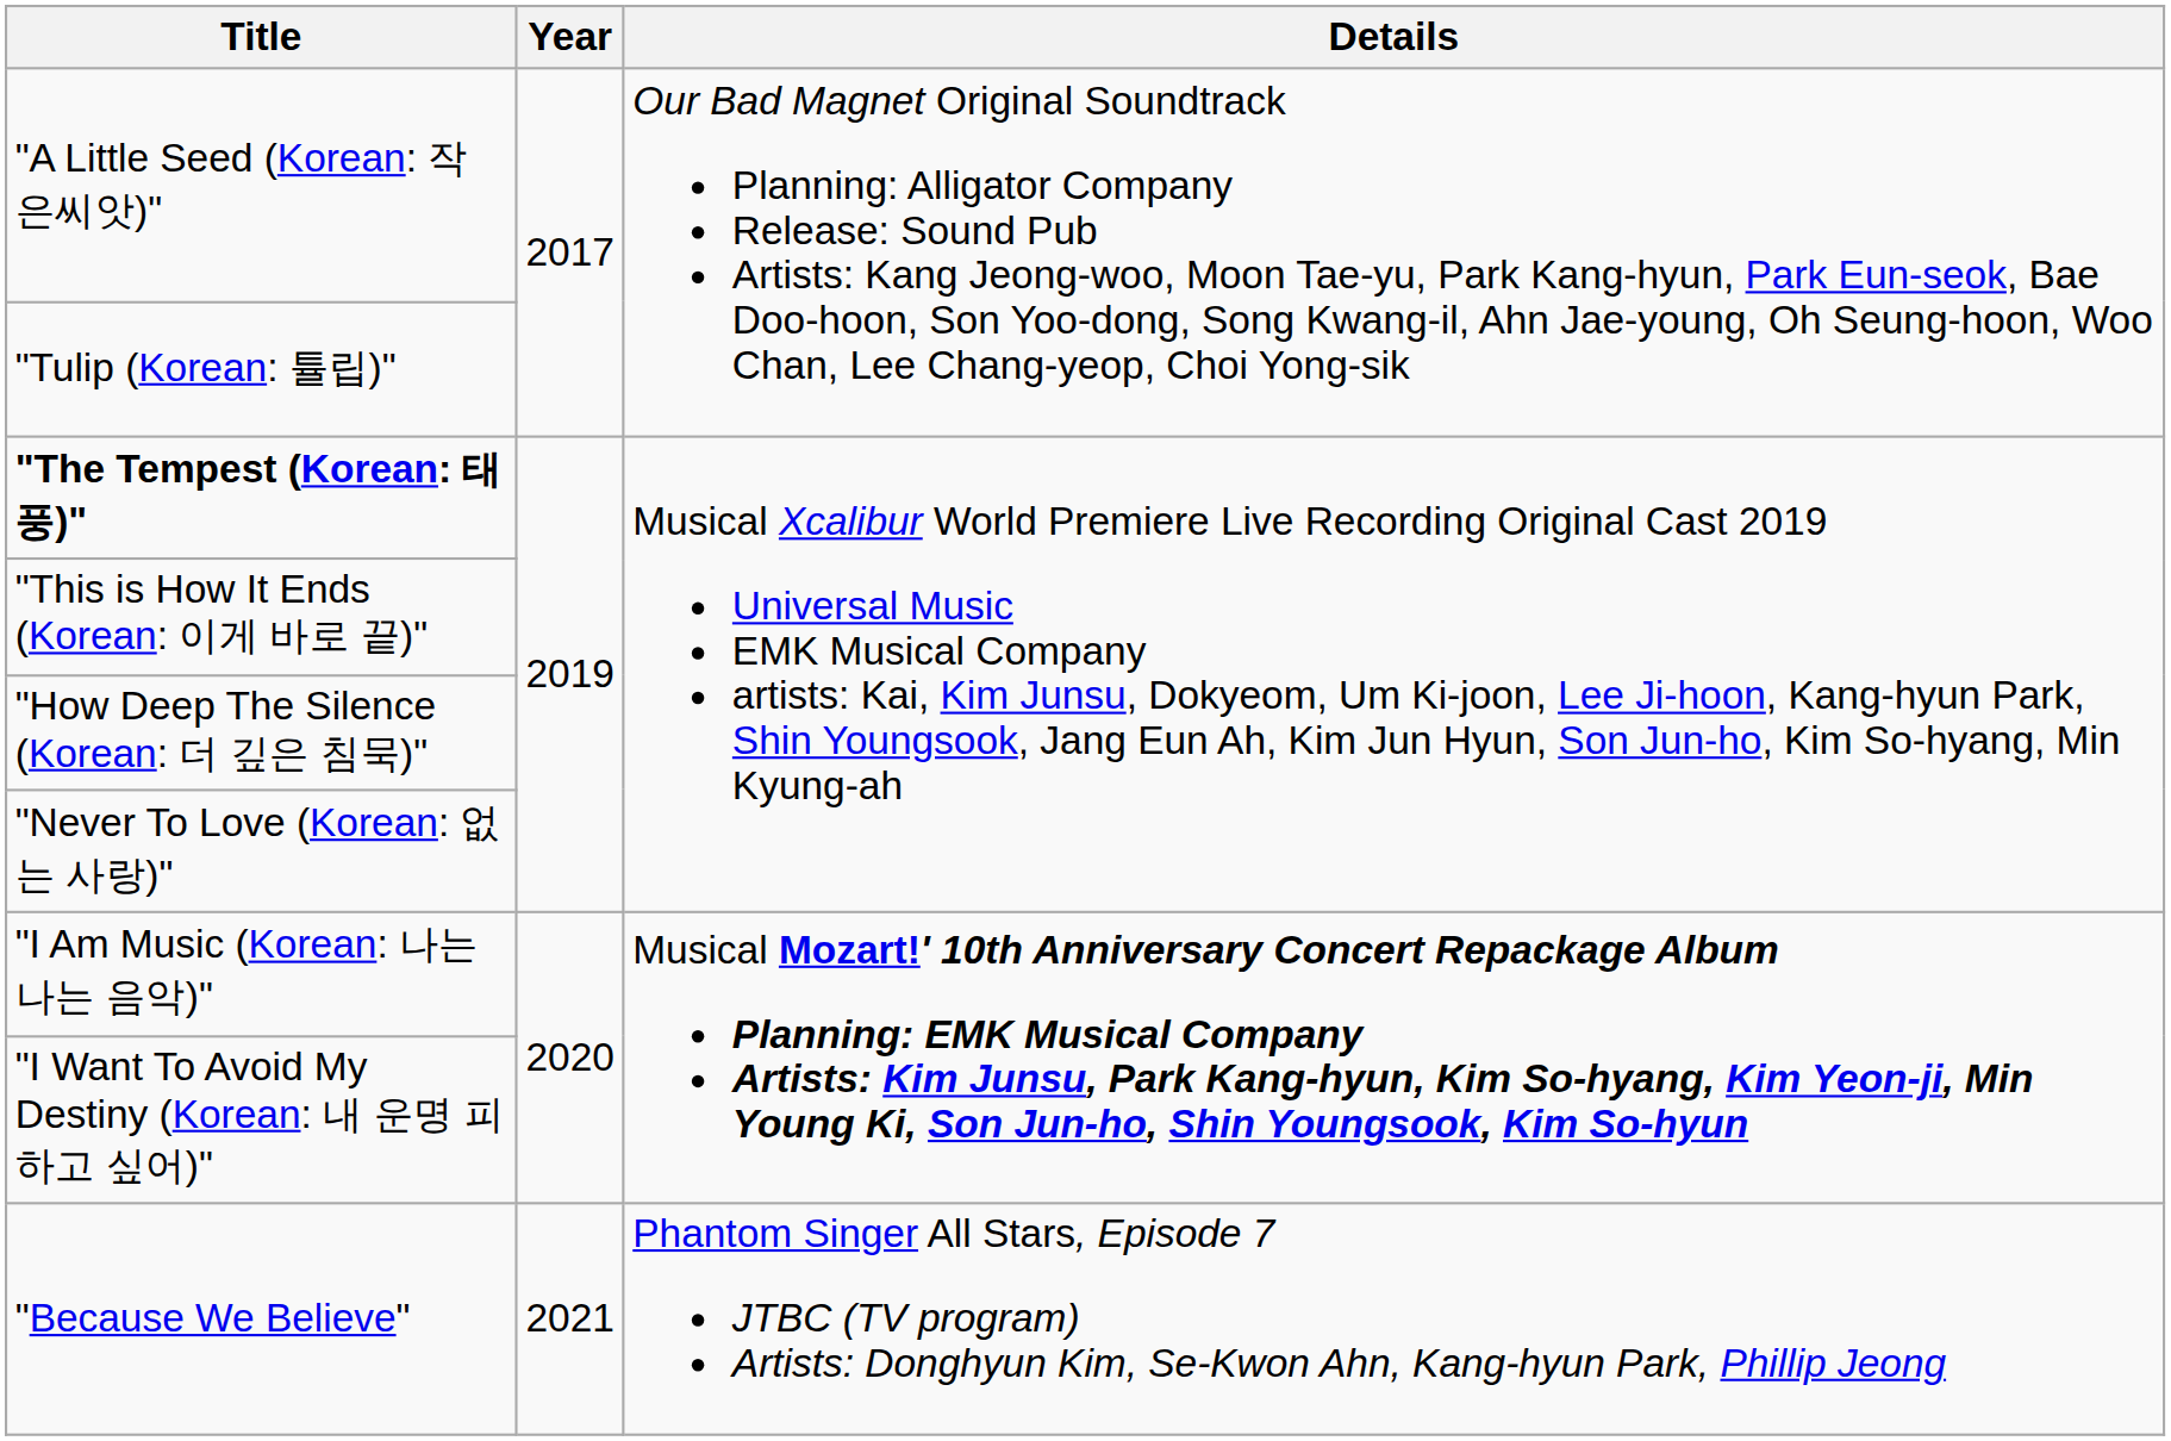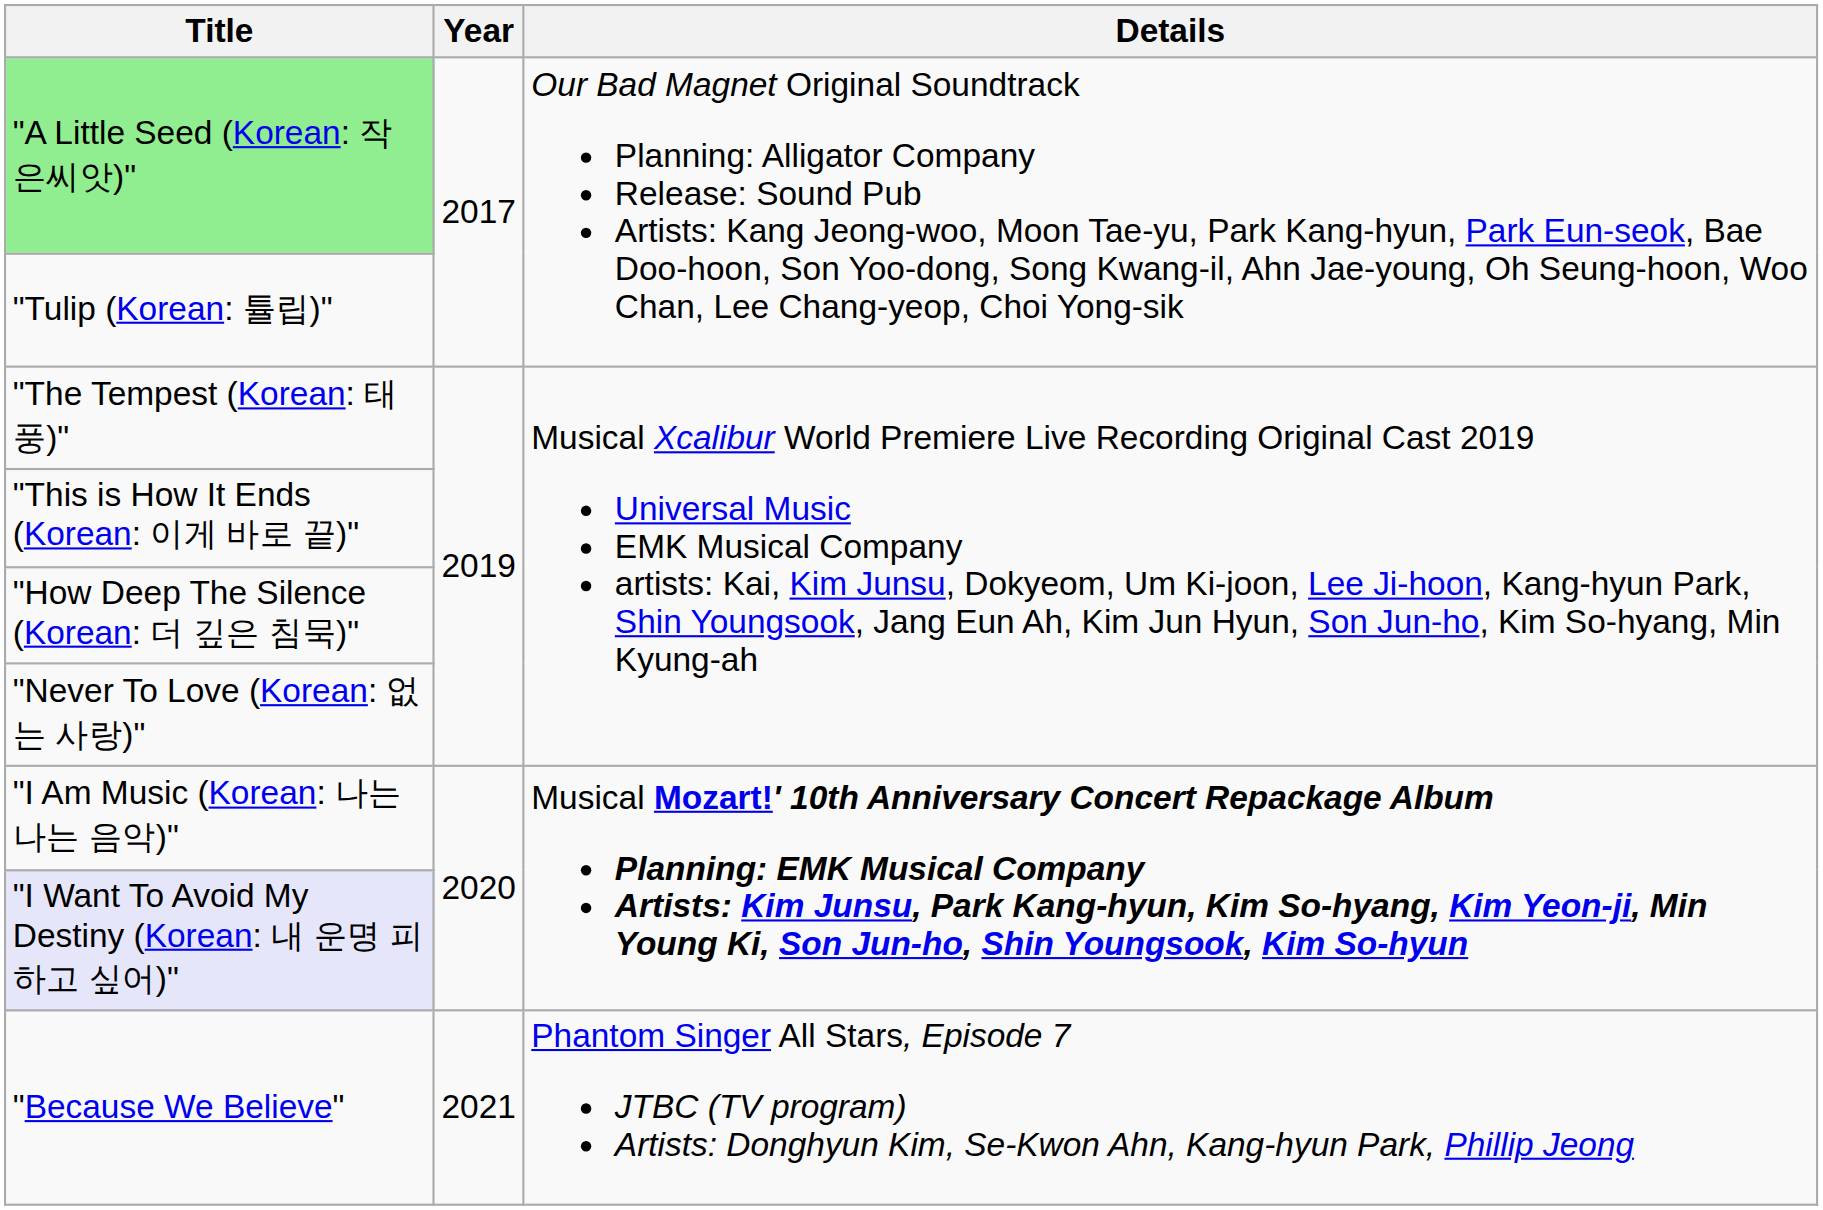 <table class="wikitable">
 <tr>
 <th>Title</th>
 <th>Year</th>
 <th>Details</th>
 </tr>
 <tr>
-<td>"A Little Seed (<a href='#'>Korean</a>: 작은씨앗)"</td>
+<td style="background: lightgreen;">"A Little Seed (<a href='#'>Korean</a>: 작은씨앗)"</td>
 <td rowspan="2">2017</td>
 <td rowspan="2"><em>Our Bad Magnet</em> Original Soundtrack<br><ul><li>Planning: Alligator Company</li><li>Release: Sound Pub</li><li>Artists: Kang Jeong-woo, Moon Tae-yu, Park Kang-hyun, <a href='#'>Park Eun-seok</a>, Bae Doo-hoon, Son Yoo-dong, Song Kwang-il, Ahn Jae-young, Oh Seung-hoon, Woo Chan, Lee Chang-yeop, Choi Yong-sik</li></ul></td>
 </tr>
 <tr>
 <td>"Tulip (<a href='#'>Korean</a>: 튤립)"</td>
 </tr>
 <tr>
-<td><strong>"The Tempest (<a href='#'>Korean</a>: 태풍)"</strong></td>
+<td>"The Tempest (<a href='#'>Korean</a>: 태풍)"</td>
 <td rowspan="4">2019</td>
 <td rowspan="4">Musical <a href='#'><em>Xcalibur</em></a> World Premiere Live Recording Original Cast 2019<br><ul><li><a href='#'>Universal Music</a></li><li>EMK Musical Company</li><li>artists: Kai, <a href='#'>Kim Junsu</a>, Dokyeom, Um Ki-joon, <a href='#'>Lee Ji-hoon</a>, Kang-hyun Park, <a href='#'>Shin Youngsook</a>, Jang Eun Ah, Kim Jun Hyun, <a href='#'>Son Jun-ho</a>, Kim So-hyang, Min Kyung-ah</li></ul></td>
 </tr>
 <tr>
 <td>"This is How It Ends (<a href='#'>Korean</a>: 이게 바로 끝)"</td>
 </tr>
 <tr>
 <td>"How Deep The Silence (<a href='#'>Korean</a>: 더 깊은 침묵)"</td>
 </tr>
 <tr>
 <td>"Never To Love (<a href='#'>Korean</a>: 없는 사랑)"</td>
 </tr>
 <tr>
 <td>"I Am Music (<a href='#'>Korean</a>: 나는 나는 음악)"</td>
 <td rowspan="2">2020</td>
 <td rowspan="2">Musical <strong><a href='#'>Mozart!</a><em>' 10th Anniversary Concert Repackage Album<br><ul><li>Planning: EMK Musical Company</li><li>Artists: <a href='#'>Kim Junsu</a>, Park Kang-hyun, Kim So-hyang, <a href='#'>Kim Yeon-ji</a>, Min Young Ki, <a href='#'>Son Jun-ho</a>, <a href='#'>Shin Youngsook</a>, <a href='#'>Kim So-hyun</a></li></ul></td>
 </tr>
 <tr>
-<td>"I Want To Avoid My Destiny (<a href='#'>Korean</a>: 내 운명 피하고 싶어)"</td>
+<td style="background: lavender;">"I Want To Avoid My Destiny (<a href='#'>Korean</a>: 내 운명 피하고 싶어)"</td>
 </tr>
 <tr>
 <td>"<a href='#'>Because We Believe</a>"</td>
 <td>2021</td>
 <td></em><a href='#'>Phantom Singer</a> All Stars<em>, Episode 7<br><ul><li>JTBC (TV program)</li><li>Artists: Donghyun Kim, Se-Kwon Ahn, Kang-hyun Park, <a href='#'>Phillip Jeong</a></li></ul></td>
 </tr>
 </table>
